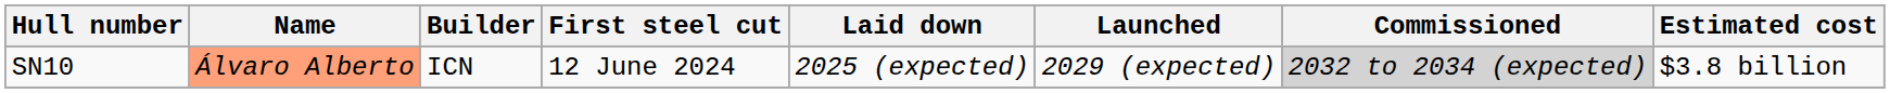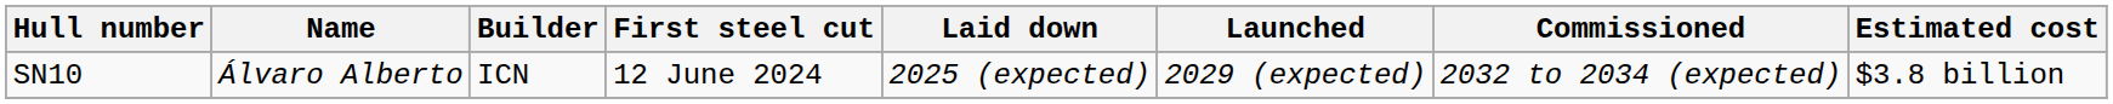 <table class="wikitable" style="font-size:97%;">
 <tr valign=top>
 <th>Hull number</th>
 <th>Name</th>
 <th>Builder</th>
 <th>First steel cut</th>
 <th>Laid down</th>
 <th>Launched</th>
 <th>Commissioned</th>
 <th>Estimated cost</th>
 </tr>
 <tr valign=top>
 <td>SN10</td>
-<td style="background: lightsalmon;"><em>Álvaro Alberto</em></td>
+<td><em>Álvaro Alberto</em></td>
 <td>ICN</td>
 <td>12 June 2024</td>
 <td><em>2025 (expected)</em></td>
 <td><em>2029 (expected)</em></td>
-<td style="background: lightgrey;"><em>2032 to 2034 (expected)</em></td>
+<td><em>2032 to 2034 (expected)</em></td>
 <td>$3.8 billion</td>
 </tr>
 <tr>
 </tr>
 </table>
